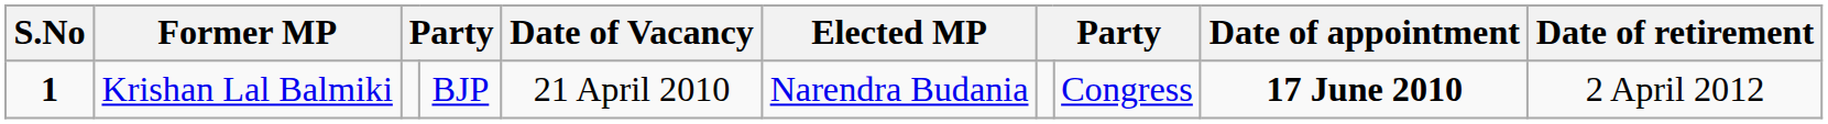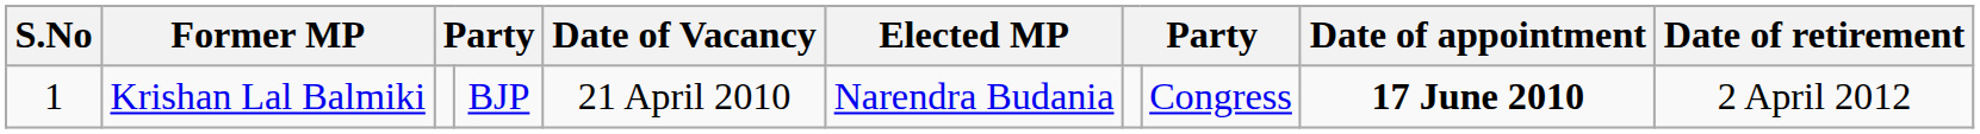 <table class="wikitable sortable">
 <tr>
 <th>S.No</th>
 <th>Former MP</th>
 <th colspan=2>Party</th>
 <th>Date of Vacancy</th>
 <th>Elected MP</th>
 <th colspan=2>Party</th>
 <th>Date of appointment</th>
 <th>Date of retirement</th>
 </tr>
 <tr style="text-align:center;">
-<td><strong>1</strong></td>
+<td>1</td>
 <td><a href='#'>Krishan Lal Balmiki</a></td>
 <td></td>
 <td><a href='#'>BJP</a></td>
 <td>21 April 2010</td>
 <td><a href='#'>Narendra Budania</a></td>
 <td></td>
 <td><a href='#'>Congress</a></td>
 <td><strong>17 June 2010</strong></td>
 <td>2 April 2012</td>
 </tr>
 </table>
